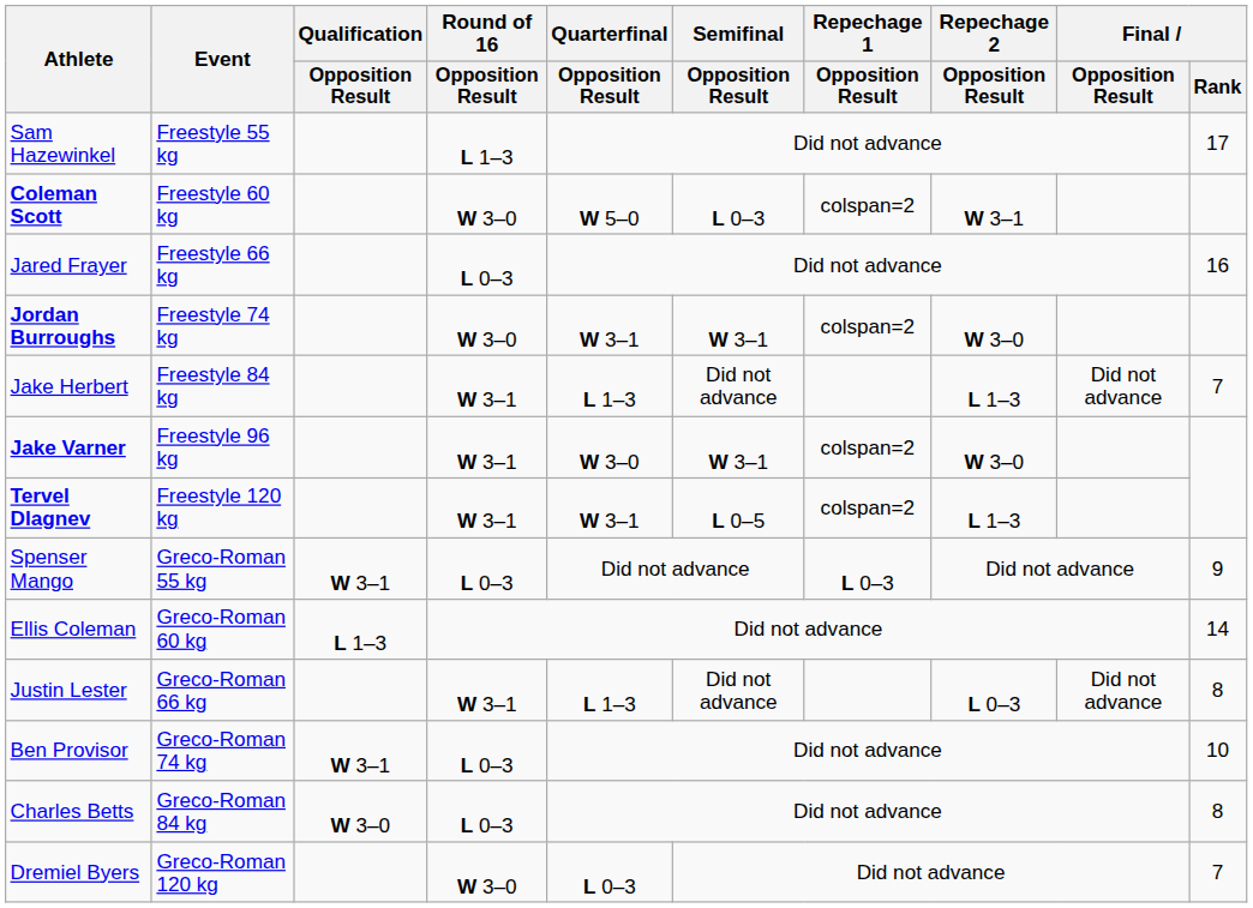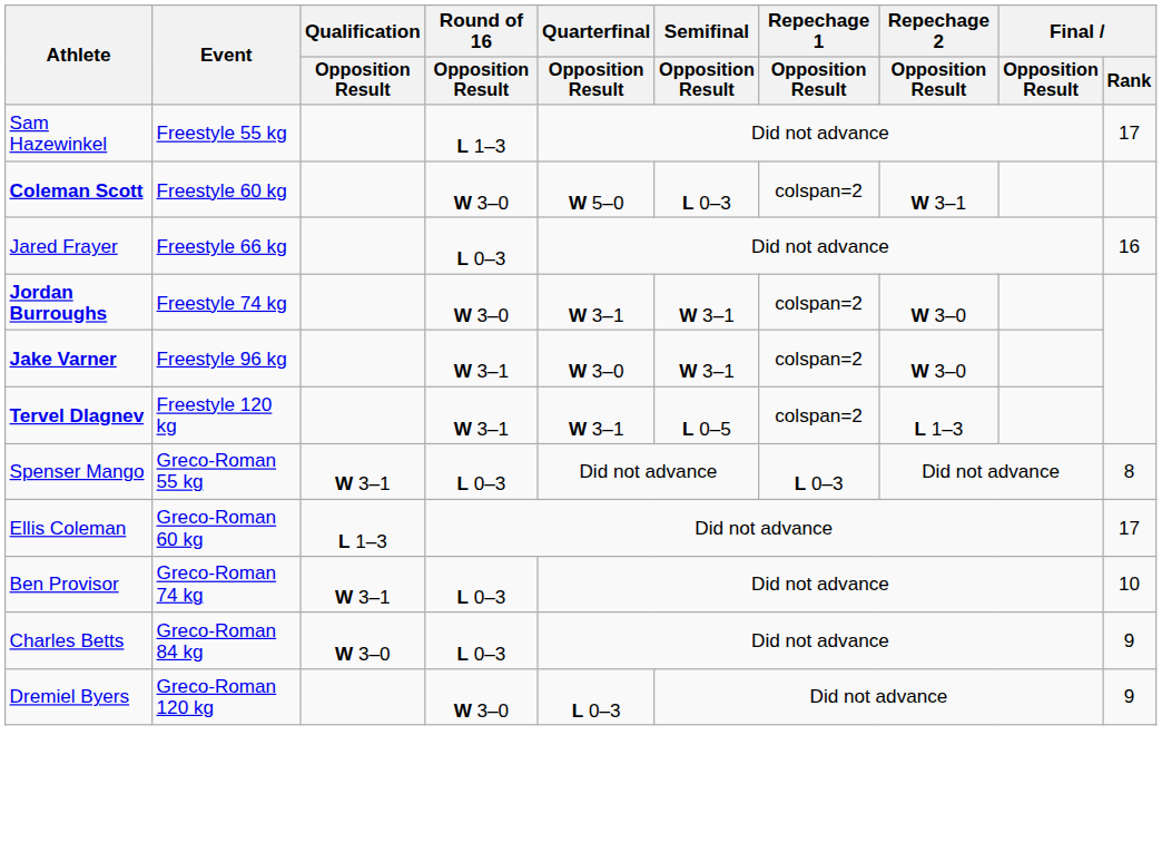 <table class=wikitable style=font-size:90%;text-align:center>
 <tr>
 <th rowspan=2>Athlete</th>
 <th rowspan=2>Event</th>
 <th>Qualification</th>
 <th>Round of 16</th>
 <th>Quarterfinal</th>
 <th>Semifinal</th>
 <th>Repechage 1</th>
 <th>Repechage 2</th>
 <th colspan=2>Final / </th>
 </tr>
 <tr style=font-size:95%>
 <th>Opposition<br>Result</th>
 <th>Opposition<br>Result</th>
 <th>Opposition<br>Result</th>
 <th>Opposition<br>Result</th>
 <th>Opposition<br>Result</th>
 <th>Opposition<br>Result</th>
 <th>Opposition<br>Result</th>
 <th>Rank</th>
 </tr>
 <tr>
 <td align=left><a href='#'>Sam Hazewinkel</a></td>
 <td align=left><a href='#'>Freestyle 55 kg</a></td>
 <td></td>
 <td><br><strong>L</strong> 1–3 <sup> </sup></td>
 <td colspan=5>Did not advance</td>
 <td>17</td>
 </tr>
 <tr>
 <td align=left><strong><a href='#'>Coleman Scott</a></strong></td>
 <td align=left><a href='#'>Freestyle 60 kg</a></td>
 <td></td>
 <td><br><strong>W</strong> 3–0 <sup></sup></td>
 <td><br><strong>W</strong> 5–0 <sup></sup></td>
 <td><br><strong>L</strong> 0–3 <sup></sup></td>
 <td>colspan=2 </td>
 <td><br><strong>W</strong> 3–1 <sup></sup></td>
 <td></td>
 </tr>
 <tr>
 <td align=left><a href='#'>Jared Frayer</a></td>
 <td align=left><a href='#'>Freestyle 66 kg</a></td>
 <td></td>
 <td><br><strong>L</strong> 0–3 <sup></sup></td>
 <td colspan=5>Did not advance</td>
 <td>16</td>
 </tr>
 <tr>
 <td align=left><strong><a href='#'>Jordan Burroughs</a></strong></td>
 <td align=left><a href='#'>Freestyle 74 kg</a></td>
 <td></td>
 <td><br><strong>W</strong> 3–0 <sup></sup></td>
 <td><br><strong>W</strong> 3–1 <sup></sup></td>
 <td><br><strong>W</strong> 3–1 <sup></sup></td>
 <td>colspan=2 </td>
 <td><br><strong>W</strong> 3–0 <sup></sup></td>
 <td></td>
 </tr>
 <tr>
-<td align=left><a href='#'>Jake Herbert</a></td>
-<td align=left><a href='#'>Freestyle 84 kg</a></td>
-<td></td>
-<td><br><strong>W</strong> 3–1 <sup></sup></td>
-<td><br><strong>L</strong> 1–3 <sup></sup></td>
-<td>Did not advance</td>
-<td></td>
-<td><br><strong>L</strong> 1–3 <sup></sup></td>
-<td>Did not advance</td>
-<td>7</td>
-</tr>
-<tr>
 <td align=left><strong><a href='#'>Jake Varner</a></strong></td>
 <td align=left><a href='#'>Freestyle 96 kg</a></td>
 <td></td>
 <td><br><strong>W</strong> 3–1 <sup></sup></td>
 <td><br><strong>W</strong> 3–0 <sup></sup></td>
 <td><br><strong>W</strong> 3–1 <sup></sup></td>
 <td>colspan=2 </td>
 <td><br> <strong>W</strong> 3–0 <sup></sup></td>
 <td></td>
 </tr>
 <tr>
 <td align=left><strong><a href='#'>Tervel Dlagnev</a></strong></td>
 <td align=left><a href='#'>Freestyle 120 kg</a></td>
 <td></td>
 <td><br><strong>W</strong> 3–1 <sup></sup></td>
 <td><br><strong>W</strong> 3–1 <sup></sup></td>
 <td><br><strong>L</strong> 0–5 <sup></sup></td>
 <td>colspan=2 </td>
 <td><br><strong>L</strong> 1–3 <sup></sup></td>
 <td></td>
 </tr>
 <tr>
 <td align=left><a href='#'>Spenser Mango</a></td>
 <td align=left><a href='#'>Greco-Roman 55 kg</a></td>
 <td><br><strong>W</strong> 3–1 <sup></sup></td>
 <td><br><strong>L</strong> 0–3 <sup></sup></td>
 <td colspan=2>Did not advance</td>
 <td><br><strong>L</strong> 0–3 <sup></sup></td>
 <td colspan=2>Did not advance</td>
-<td>9</td>
+<td>8</td>
 </tr>
 <tr>
 <td align=left><a href='#'>Ellis Coleman</a></td>
 <td align=left><a href='#'>Greco-Roman 60 kg</a></td>
 <td><br><strong>L</strong> 1–3 <sup></sup></td>
 <td colspan=6>Did not advance</td>
-<td>14</td>
-</tr>
-<tr>
-<td align=left><a href='#'>Justin Lester</a></td>
-<td align=left><a href='#'>Greco-Roman 66 kg</a></td>
-<td></td>
-<td><br><strong>W</strong> 3–1 <sup></sup></td>
-<td><br><strong>L</strong> 1–3 <sup></sup></td>
-<td>Did not advance</td>
-<td></td>
-<td><br><strong>L</strong> 0–3 <sup></sup></td>
-<td>Did not advance</td>
-<td>8</td>
+<td>17</td>
 </tr>
 <tr>
 <td align=left><a href='#'>Ben Provisor</a></td>
 <td align=left><a href='#'>Greco-Roman 74 kg</a></td>
 <td><br><strong>W</strong> 3–1 <sup></sup></td>
 <td><br><strong>L</strong> 0–3 <sup></sup></td>
 <td colspan=5>Did not advance</td>
 <td>10</td>
 </tr>
 <tr>
 <td align=left><a href='#'>Charles Betts</a></td>
 <td align=left><a href='#'>Greco-Roman 84 kg</a></td>
 <td><br><strong>W</strong> 3–0 <sup></sup></td>
 <td><br><strong>L</strong> 0–3 <sup></sup></td>
 <td colspan=5>Did not advance</td>
-<td>8</td>
+<td>9</td>
 </tr>
 <tr>
 <td align=left><a href='#'>Dremiel Byers</a></td>
 <td align=left><a href='#'>Greco-Roman 120 kg</a></td>
 <td></td>
 <td><br><strong>W</strong> 3–0 <sup></sup></td>
 <td><br> <strong>L</strong> 0–3 <sup></sup></td>
 <td colspan=4>Did not advance</td>
-<td>7</td>
+<td>9</td>
 </tr>
 </table>
